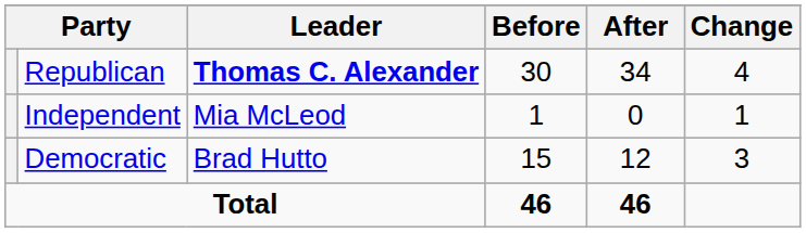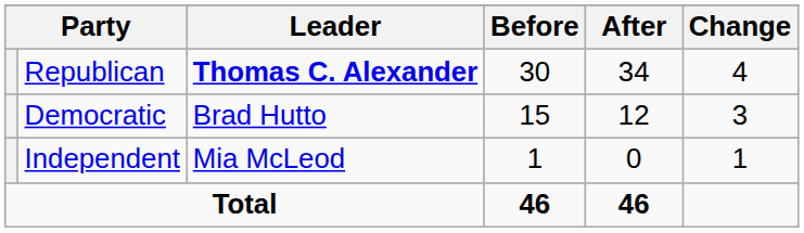 <table class="wikitable" style="text-align:center;">
 <tr>
 </tr>
 <tr>
 <th colspan="2">Party</th>
 <th>Leader</th>
 <th style="width:3em">Before</th>
 <th style="width:3em">After</th>
 <th style="width:3em">Change</th>
 </tr>
 <tr>
 <th style="background-color:"></th>
 <td style="text-align:left;"><a href='#'>Republican</a></td>
 <td style="text-align:left;"><strong><a href='#'>Thomas C. Alexander</a></strong></td>
 <td>30</td>
 <td>34</td>
 <td> 4</td>
 </tr>
 <tr>
 <th style="background-color:"></th>
+<td style="text-align:left;"><a href='#'>Democratic</a></td>
+<td style="text-align:left;"><a href='#'>Brad Hutto</a></td>
+<td>15</td>
+<td>12</td>
+<td> 3</td>
+</tr>
+<tr>
+<th style="background-color:"></th>
 <td style="text-align:left;"><a href='#'>Independent</a></td>
 <td style="text-align:left;"><a href='#'>Mia McLeod</a></td>
 <td>1</td>
 <td>0</td>
 <td> 1</td>
-</tr>
-<tr>
-<th style="background-color:"></th>
-<td style="text-align:left;"><a href='#'>Democratic</a></td>
-<td style="text-align:left;"><a href='#'>Brad Hutto</a></td>
-<td>15</td>
-<td>12</td>
-<td> 3</td>
 </tr>
 <tr>
 <td colspan="3"><strong>Total</strong></td>
 <td><strong>46</strong></td>
 <td><strong>46</strong></td>
 <td></td>
 </tr>
 </table>
